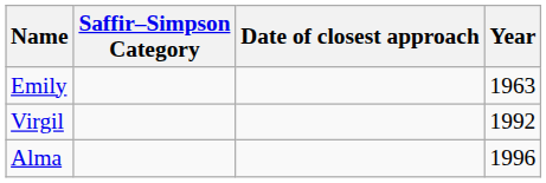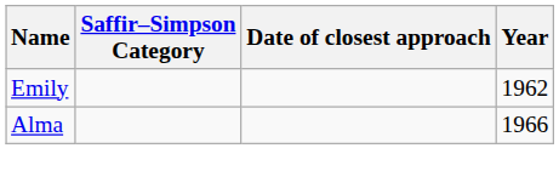 <table class = "wikitable" style="margin:1em auto;">
 <tr>
 <th>Name</th>
 <th><a href='#'>Saffir–Simpson</a><br>Category</th>
 <th>Date of closest approach</th>
 <th>Year</th>
 </tr>
 <tr>
 <td><a href='#'>Emily</a></td>
 <td></td>
 <td></td>
-<td>1963</td>
-</tr>
-<tr>
-<td><a href='#'>Virgil</a></td>
-<td></td>
-<td></td>
-<td>1992</td>
+<td>1962</td>
 </tr>
 <tr>
 <td><a href='#'>Alma</a></td>
 <td></td>
 <td></td>
-<td>1996</td>
+<td>1966</td>
 </tr>
 </table>
